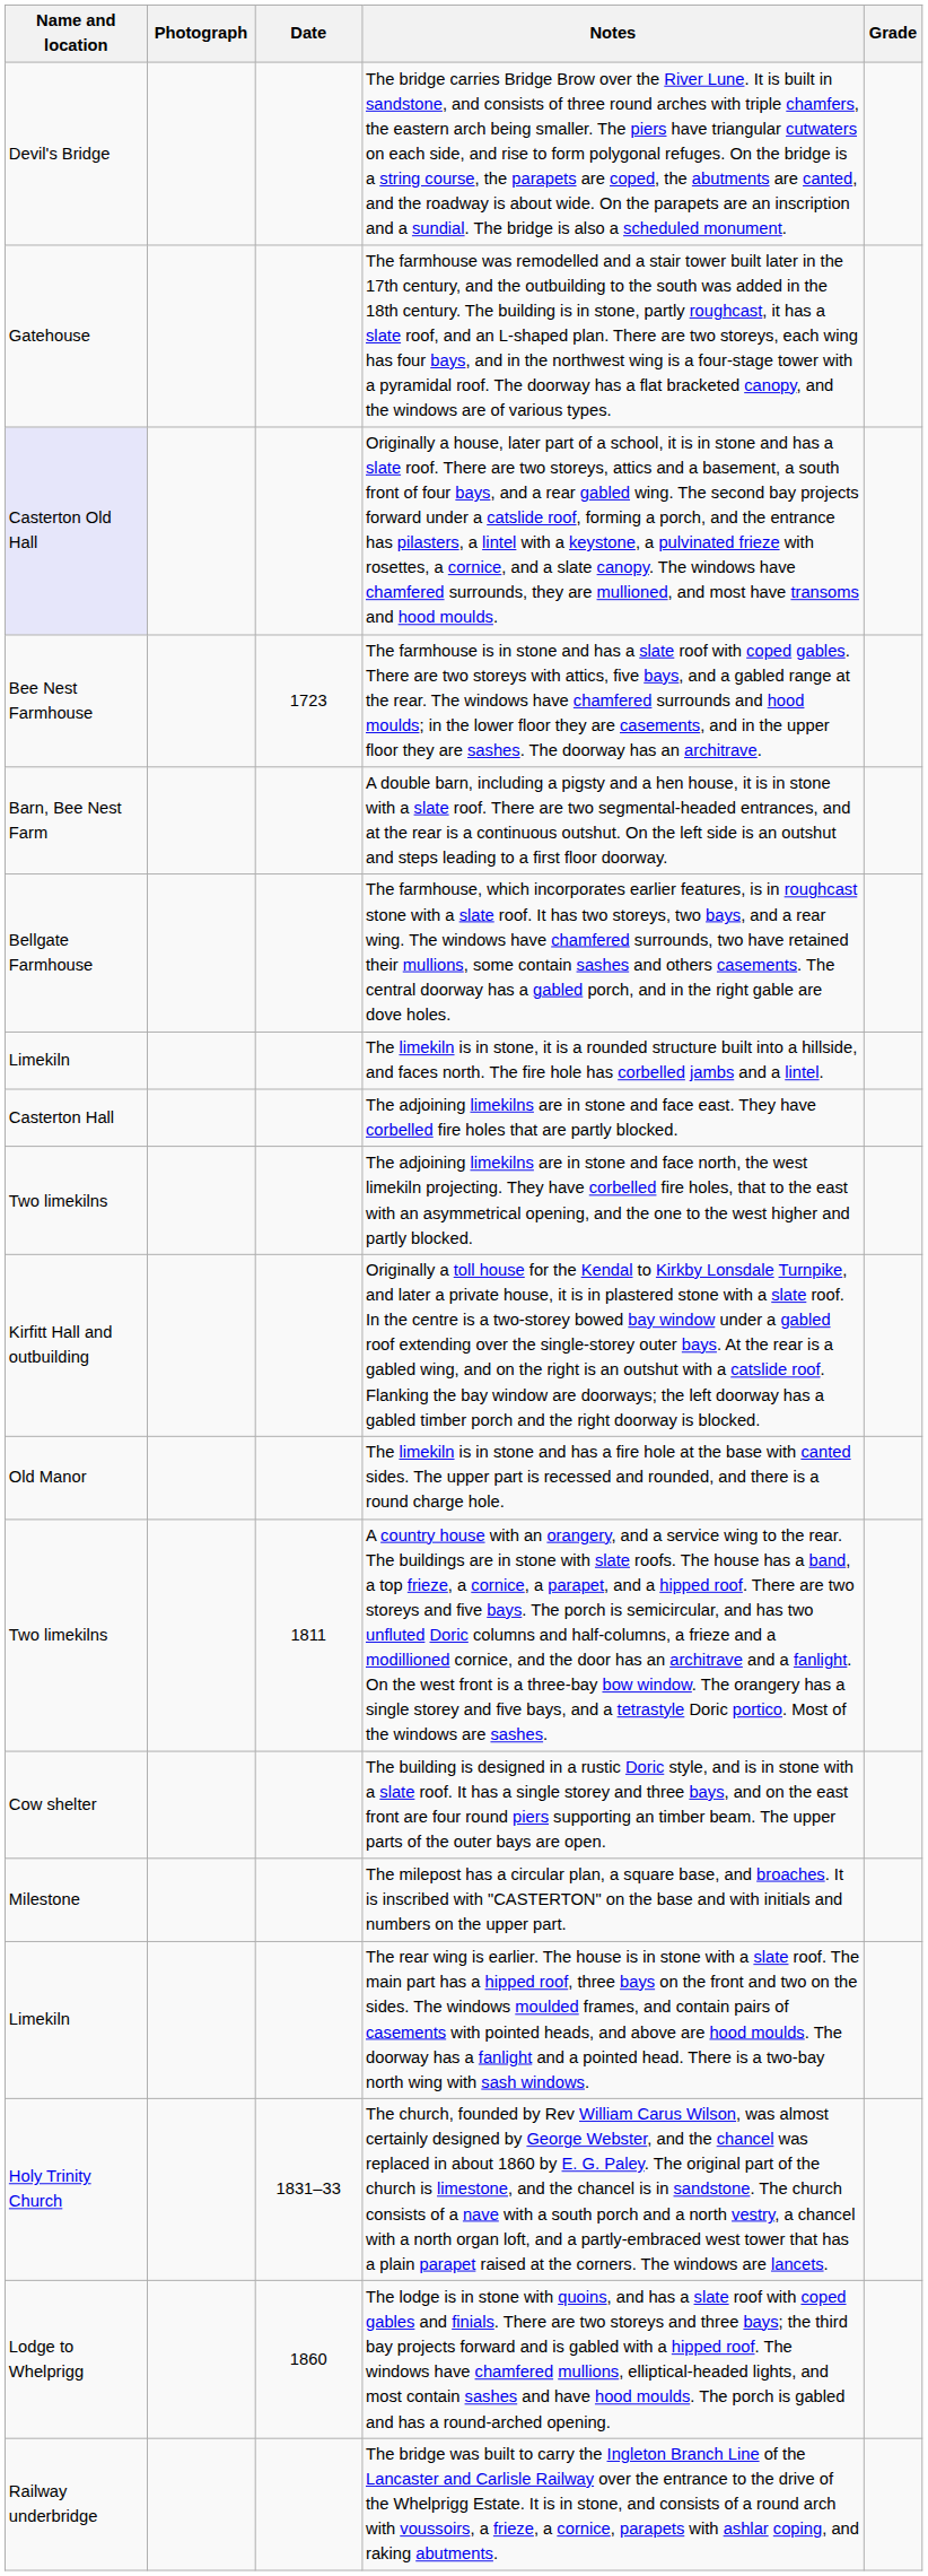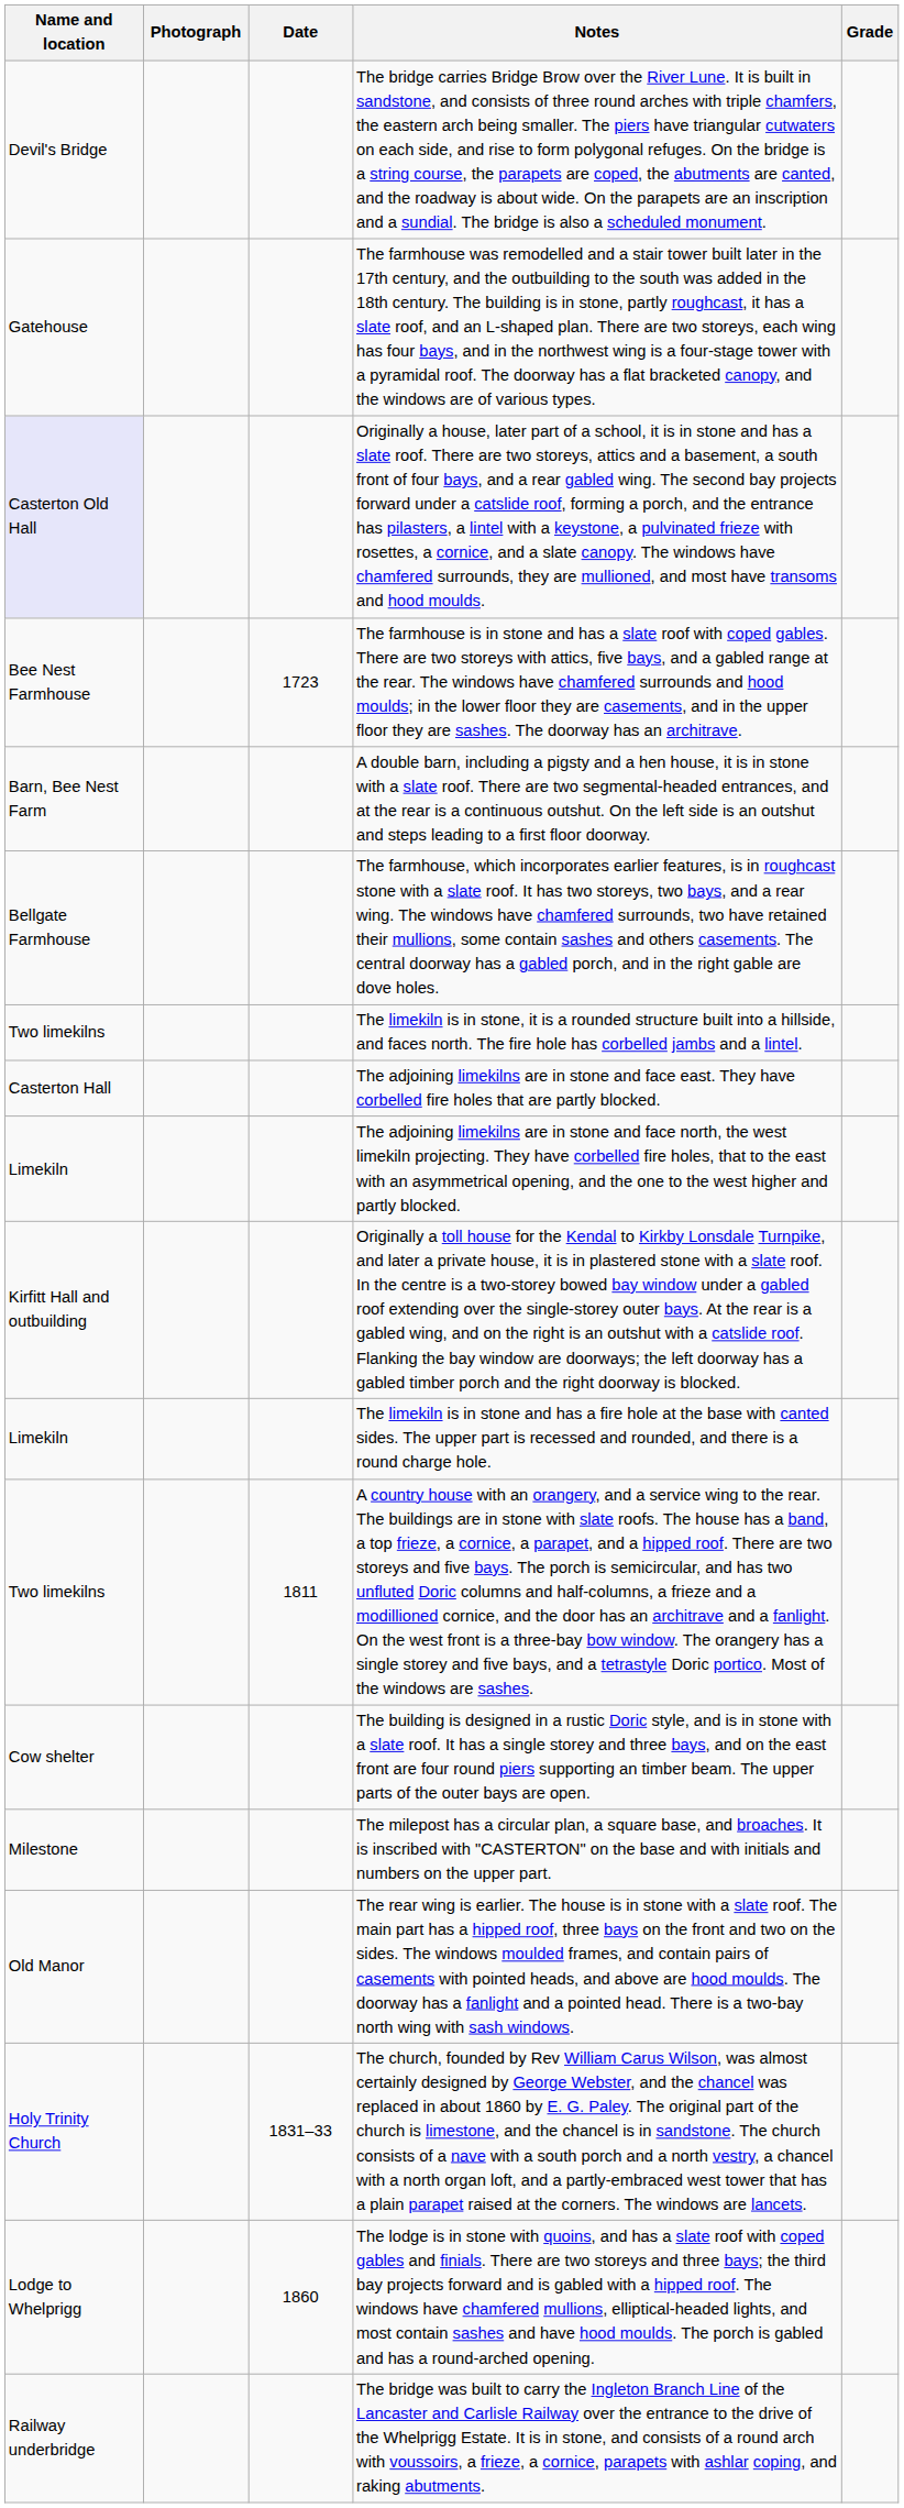 <table class="wikitable sortable plainrowheaders" style="width:100%; border:0; text-align:left; line-height:150%;">
 <tr>
 <th scope="col"  style="width:150px">Name and location</th>
 <th scope="col"  style="width:100px" class="unsortable">Photograph</th>
 <th scope="col"  style="width:120px">Date</th>
 <th scope="col"  style="width:650px" class="unsortable">Notes</th>
 <th scope="col"  style="width:50px">Grade</th>
 </tr>
 <tr>
 <td>Devil's Bridge<br><small></small></td>
 <td></td>
 <td align="center"></td>
 <td>The bridge carries Bridge Brow over the <a href='#'>River Lune</a>.  It is built in <a href='#'>sandstone</a>, and consists of three round arches with triple <a href='#'>chamfers</a>, the eastern arch being smaller.  The <a href='#'>piers</a> have triangular <a href='#'>cutwaters</a> on each side, and rise to form polygonal refuges.  On the bridge is a <a href='#'>string course</a>, the <a href='#'>parapets</a> are <a href='#'>coped</a>, the <a href='#'>abutments</a> are <a href='#'>canted</a>, and the roadway is about  wide.  On the parapets are an inscription and a <a href='#'>sundial</a>. The bridge is also a <a href='#'>scheduled monument</a>.</td>
 <td align="center" ></td>
 </tr>
 <tr>
 <td>Gatehouse<br><small></small></td>
 <td></td>
 <td align="center"></td>
 <td>The farmhouse was remodelled and a stair tower built later in the 17th century, and the outbuilding to the south was added in the 18th century.  The building is in stone, partly <a href='#'>roughcast</a>, it has a <a href='#'>slate</a> roof, and an L-shaped plan.  There are two storeys, each wing has four <a href='#'>bays</a>, and in the northwest wing is a four-stage tower with a pyramidal roof.  The doorway has a flat bracketed <a href='#'>canopy</a>, and the windows are of various types.</td>
 <td align="center" ></td>
 </tr>
 <tr>
 <td style="background: lavender;">Casterton Old Hall<br><small></small></td>
 <td></td>
 <td align="center"></td>
 <td>Originally a house, later part of a school, it is in stone and has a <a href='#'>slate</a> roof.  There are two storeys, attics and a basement, a south front of four <a href='#'>bays</a>, and a rear <a href='#'>gabled</a> wing.  The second bay projects forward under a <a href='#'>catslide roof</a>, forming a porch, and the entrance has <a href='#'>pilasters</a>, a <a href='#'>lintel</a> with a <a href='#'>keystone</a>, a <a href='#'>pulvinated frieze</a> with rosettes, a <a href='#'>cornice</a>, and a slate <a href='#'>canopy</a>.  The windows have <a href='#'>chamfered</a> surrounds, they are <a href='#'>mullioned</a>, and most have <a href='#'>transoms</a> and <a href='#'>hood moulds</a>.</td>
 <td align="center" ></td>
 </tr>
 <tr>
 <td>Bee Nest Farmhouse<br><small></small></td>
 <td></td>
 <td align="center">1723</td>
 <td>The farmhouse is in stone and has a <a href='#'>slate</a> roof with <a href='#'>coped</a> <a href='#'>gables</a>.  There are two storeys with attics, five <a href='#'>bays</a>, and a gabled range at the rear.  The windows have <a href='#'>chamfered</a> surrounds and <a href='#'>hood moulds</a>; in the lower floor they are <a href='#'>casements</a>, and in the upper floor they are <a href='#'>sashes</a>.  The doorway has an <a href='#'>architrave</a>.</td>
 <td align="center" ></td>
 </tr>
 <tr>
 <td>Barn, Bee Nest Farm<br><small></small></td>
 <td></td>
 <td align="center"></td>
 <td>A double barn, including a pigsty and a hen house, it is in stone with a <a href='#'>slate</a> roof.  There are two segmental-headed entrances, and at the rear is a continuous outshut.  On the left side is an outshut and steps leading to a first floor doorway.</td>
 <td align="center" ></td>
 </tr>
 <tr>
 <td>Bellgate Farmhouse<br><small></small></td>
 <td></td>
 <td align="center"></td>
 <td>The farmhouse, which incorporates earlier features, is in <a href='#'>roughcast</a> stone with a <a href='#'>slate</a> roof.  It has two storeys, two <a href='#'>bays</a>, and a rear wing.  The windows have <a href='#'>chamfered</a> surrounds, two have retained their <a href='#'>mullions</a>, some contain <a href='#'>sashes</a> and others <a href='#'>casements</a>.  The central doorway has a <a href='#'>gabled</a> porch, and in the right gable are dove holes.</td>
 <td align="center" ></td>
 </tr>
 <tr>
-<td>Limekiln<br><small></small></td>
+<td>Two limekilns<br><small></small></td>
 <td></td>
 <td align="center"></td>
 <td>The <a href='#'>limekiln</a> is in stone, it is a rounded structure built into a hillside, and faces north.  The fire hole has <a href='#'>corbelled</a> <a href='#'>jambs</a> and a <a href='#'>lintel</a>.</td>
 <td align="center" ></td>
 </tr>
 <tr>
 <td>Casterton Hall<br><small></small></td>
 <td></td>
 <td align="center"></td>
 <td>The adjoining <a href='#'>limekilns</a> are in stone and face east.  They have <a href='#'>corbelled</a> fire holes that are partly blocked.</td>
 <td align="center" ></td>
 </tr>
 <tr>
-<td>Two limekilns<br><small></small></td>
+<td>Limekiln<br><small></small></td>
 <td></td>
 <td align="center"></td>
 <td>The adjoining <a href='#'>limekilns</a> are in stone and face north, the west limekiln projecting.  They have <a href='#'>corbelled</a> fire holes, that to the east with an asymmetrical opening, and the one to the west higher and partly blocked.</td>
 <td align="center" ></td>
 </tr>
 <tr>
 <td>Kirfitt Hall and outbuilding<br><small></small></td>
 <td></td>
 <td align="center"></td>
 <td>Originally a <a href='#'>toll house</a> for the <a href='#'>Kendal</a> to <a href='#'>Kirkby Lonsdale</a> <a href='#'>Turnpike</a>, and later a private house, it is in plastered stone with a <a href='#'>slate</a> roof.  In the centre is a two-storey bowed <a href='#'>bay window</a> under a <a href='#'>gabled</a> roof extending over the single-storey outer <a href='#'>bays</a>.  At the rear is a gabled wing, and on the right is an outshut with a <a href='#'>catslide roof</a>.  Flanking the bay window are doorways; the left doorway has a gabled timber porch and the right doorway is blocked.</td>
 <td align="center" ></td>
 </tr>
 <tr>
-<td>Old Manor<br><small></small></td>
+<td>Limekiln<br><small></small></td>
 <td></td>
 <td align="center"></td>
 <td>The <a href='#'>limekiln</a> is in stone and has a fire hole at the base with <a href='#'>canted</a> sides.  The upper part is recessed and rounded, and there is a round charge hole.</td>
 <td align="center" ></td>
 </tr>
 <tr>
 <td>Two limekilns<br><small></small></td>
 <td></td>
 <td align="center">1811</td>
 <td>A <a href='#'>country house</a> with an <a href='#'>orangery</a>, and a service wing to the rear.  The buildings are in stone with <a href='#'>slate</a> roofs.  The house has a <a href='#'>band</a>, a top <a href='#'>frieze</a>, a <a href='#'>cornice</a>, a <a href='#'>parapet</a>, and a <a href='#'>hipped roof</a>.  There are two storeys and five <a href='#'>bays</a>.  The porch is semicircular, and has two <a href='#'>unfluted</a> <a href='#'>Doric</a> columns and half-columns, a frieze and a <a href='#'>modillioned</a> cornice, and the door has an <a href='#'>architrave</a> and a <a href='#'>fanlight</a>.  On the west front is a three-bay <a href='#'>bow window</a>.  The orangery has a single storey and five bays, and a <a href='#'>tetrastyle</a> Doric <a href='#'>portico</a>.  Most of the windows are <a href='#'>sashes</a>.</td>
 <td align="center" ></td>
 </tr>
 <tr>
 <td>Cow shelter<br><small></small></td>
 <td></td>
 <td align="center"></td>
 <td>The building is designed in a rustic <a href='#'>Doric</a> style, and is in stone with a <a href='#'>slate</a> roof.  It has a single storey and three <a href='#'>bays</a>, and on the east front are four round <a href='#'>piers</a> supporting an timber beam.  The upper parts of the outer bays are open.</td>
 <td align="center" ></td>
 </tr>
 <tr>
 <td>Milestone<br><small></small></td>
 <td></td>
 <td align="center"></td>
 <td>The milepost has a circular plan, a square base, and <a href='#'>broaches</a>.  It is inscribed with "CASTERTON" on the base and with initials and numbers on the upper part.</td>
 <td align="center" ></td>
 </tr>
 <tr>
-<td>Limekiln<br><small></small></td>
+<td>Old Manor<br><small></small></td>
 <td></td>
 <td align="center"></td>
 <td>The rear wing is earlier.  The house is in stone with a <a href='#'>slate</a> roof.  The main part has a <a href='#'>hipped roof</a>, three <a href='#'>bays</a> on the front and two on the sides.  The windows <a href='#'>moulded</a> frames, and contain pairs of <a href='#'>casements</a> with pointed heads, and above are <a href='#'>hood moulds</a>.  The doorway has a <a href='#'>fanlight</a> and a pointed head. There is a two-bay north wing with <a href='#'>sash windows</a>.</td>
 <td align="center" ></td>
 </tr>
 <tr>
 <td><a href='#'>Holy Trinity Church</a><br><small></small></td>
 <td></td>
 <td align="center">1831–33</td>
 <td>The church, founded by Rev <a href='#'>William Carus Wilson</a>, was almost certainly designed by <a href='#'>George Webster</a>, and the <a href='#'>chancel</a> was replaced in about 1860 by <a href='#'>E. G. Paley</a>.  The original part of the church is <a href='#'>limestone</a>, and the chancel is in <a href='#'>sandstone</a>.  The church consists of a <a href='#'>nave</a> with a south porch and a north <a href='#'>vestry</a>, a chancel with a north organ loft, and a partly-embraced west tower that has a plain <a href='#'>parapet</a> raised at the corners.  The windows are <a href='#'>lancets</a>.</td>
 <td align="center" ></td>
 </tr>
 <tr>
 <td>Lodge to Whelprigg<br><small></small></td>
 <td></td>
 <td align="center">1860</td>
 <td>The lodge is in stone with <a href='#'>quoins</a>, and has a <a href='#'>slate</a> roof with <a href='#'>coped</a> <a href='#'>gables</a> and <a href='#'>finials</a>.  There are two storeys and three <a href='#'>bays</a>; the third bay projects forward and is gabled with a <a href='#'>hipped roof</a>.  The windows have <a href='#'>chamfered</a> <a href='#'>mullions</a>, elliptical-headed lights, and most contain <a href='#'>sashes</a> and have <a href='#'>hood moulds</a>.  The porch is gabled and has a round-arched opening.</td>
 <td align="center" ></td>
 </tr>
 <tr>
 <td>Railway underbridge<br><small></small></td>
 <td></td>
 <td align="center"></td>
 <td>The bridge was built to carry the <a href='#'>Ingleton Branch Line</a> of the <a href='#'>Lancaster and Carlisle Railway</a> over the entrance to the drive of the Whelprigg Estate.  It is in stone, and consists of a round arch with <a href='#'>voussoirs</a>, a <a href='#'>frieze</a>, a <a href='#'>cornice</a>, <a href='#'>parapets</a> with <a href='#'>ashlar</a> <a href='#'>coping</a>, and raking <a href='#'>abutments</a>.</td>
 <td align="center" ></td>
 </tr>
 <tr>
 </tr>
 </table>
